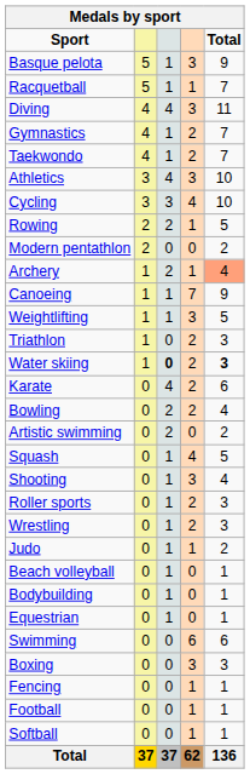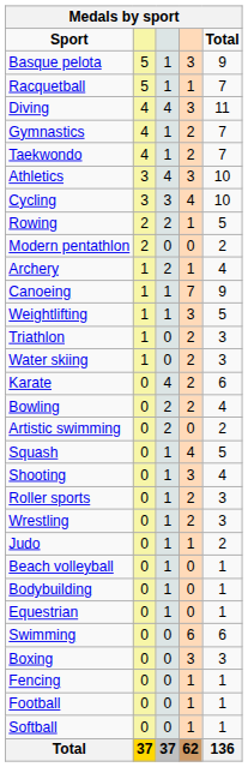 <table class="wikitable" style="font-size:85%; float:right;">
 <tr style="background:#efefef;">
 <th colspan=7><strong>Medals by sport</strong></th>
 </tr>
 <tr align=center>
 <td><strong>Sport</strong></td>
 <td style="background:#f7f6a8;"></td>
 <td style="background:#dce5e5;"></td>
 <td style="background:#ffdab9;"></td>
 <td><strong>Total</strong></td>
 </tr>
 <tr align=center>
 <td align=left><a href='#'>Basque pelota</a></td>
 <td style="background:#f7f6a8;">5</td>
 <td style="background:#dce5e5;">1</td>
 <td style="background:#ffdab9;">3</td>
 <td>9</td>
 </tr>
 <tr align=center>
 <td align=left><a href='#'>Racquetball</a></td>
 <td style="background:#f7f6a8;">5</td>
 <td style="background:#dce5e5;">1</td>
 <td style="background:#ffdab9;">1</td>
 <td>7</td>
 </tr>
 <tr align=center>
 <td align=left><a href='#'>Diving</a></td>
 <td style="background:#f7f6a8;">4</td>
 <td style="background:#dce5e5;">4</td>
 <td style="background:#ffdab9;">3</td>
 <td>11</td>
 </tr>
 <tr align=center>
 <td align=left><a href='#'>Gymnastics</a></td>
 <td style="background:#f7f6a8;">4</td>
 <td style="background:#dce5e5;">1</td>
 <td style="background:#ffdab9;">2</td>
 <td>7</td>
 </tr>
 <tr align=center>
 <td align=left><a href='#'>Taekwondo</a></td>
 <td style="background:#f7f6a8;">4</td>
 <td style="background:#dce5e5;">1</td>
 <td style="background:#ffdab9;">2</td>
 <td>7</td>
 </tr>
 <tr align=center>
 <td align=left><a href='#'>Athletics</a></td>
 <td style="background:#f7f6a8;">3</td>
 <td style="background:#dce5e5;">4</td>
 <td style="background:#ffdab9;">3</td>
 <td>10</td>
 </tr>
 <tr align=center>
 <td align=left><a href='#'>Cycling</a></td>
 <td style="background:#f7f6a8;">3</td>
 <td style="background:#dce5e5;">3</td>
 <td style="background:#ffdab9;">4</td>
 <td>10</td>
 </tr>
 <tr align=center>
 <td align=left><a href='#'>Rowing</a></td>
 <td style="background:#f7f6a8;">2</td>
 <td style="background:#dce5e5;">2</td>
 <td style="background:#ffdab9;">1</td>
 <td>5</td>
 </tr>
 <tr align=center>
 <td align=left><a href='#'>Modern pentathlon</a></td>
 <td style="background:#f7f6a8;">2</td>
 <td style="background:#dce5e5;">0</td>
 <td style="background:#ffdab9;">0</td>
 <td>2</td>
 </tr>
 <tr align=center>
 <td align=left><a href='#'>Archery</a></td>
 <td style="background:#f7f6a8;">1</td>
 <td style="background:#dce5e5;">2</td>
 <td style="background:#ffdab9;">1</td>
-<td style="background: lightsalmon;">4</td>
+<td>4</td>
 </tr>
 <tr align=center>
 <td align=left><a href='#'>Canoeing</a></td>
 <td style="background:#f7f6a8;">1</td>
 <td style="background:#dce5e5;">1</td>
 <td style="background:#ffdab9;">7</td>
 <td>9</td>
 </tr>
 <tr align=center>
 <td align=left><a href='#'>Weightlifting</a></td>
 <td style="background:#f7f6a8;">1</td>
 <td style="background:#dce5e5;">1</td>
 <td style="background:#ffdab9;">3</td>
 <td>5</td>
 </tr>
 <tr align=center>
 <td align=left><a href='#'>Triathlon</a></td>
 <td style="background:#f7f6a8;">1</td>
 <td style="background:#dce5e5;">0</td>
 <td style="background:#ffdab9;">2</td>
 <td>3</td>
 </tr>
 <tr align=center>
 <td align=left><a href='#'>Water skiing</a></td>
 <td style="background:#f7f6a8;">1</td>
-<td style="background:#dce5e5;"><strong>0</strong></td>
+<td style="background:#dce5e5;">0</td>
 <td style="background:#ffdab9;">2</td>
-<td><strong>3</strong></td>
+<td>3</td>
 </tr>
 <tr align=center>
 <td align=left><a href='#'>Karate</a></td>
 <td style="background:#f7f6a8;">0</td>
 <td style="background:#dce5e5;">4</td>
 <td style="background:#ffdab9;">2</td>
 <td>6</td>
 </tr>
 <tr align=center>
 <td align=left><a href='#'>Bowling</a></td>
 <td style="background:#f7f6a8;">0</td>
 <td style="background:#dce5e5;">2</td>
 <td style="background:#ffdab9;">2</td>
 <td>4</td>
 </tr>
 <tr align=center>
 <td align=left><a href='#'>Artistic swimming</a></td>
 <td style="background:#f7f6a8;">0</td>
 <td style="background:#dce5e5;">2</td>
 <td style="background:#ffdab9;">0</td>
 <td>2</td>
 </tr>
 <tr align=center>
 <td align=left><a href='#'>Squash</a></td>
 <td style="background:#f7f6a8;">0</td>
 <td style="background:#dce5e5;">1</td>
 <td style="background:#ffdab9;">4</td>
 <td>5</td>
 </tr>
 <tr align=center>
 <td align=left><a href='#'>Shooting</a></td>
 <td style="background:#f7f6a8;">0</td>
 <td style="background:#dce5e5;">1</td>
 <td style="background:#ffdab9;">3</td>
 <td>4</td>
 </tr>
 <tr align=center>
 <td align=left><a href='#'>Roller sports</a></td>
 <td style="background:#f7f6a8;">0</td>
 <td style="background:#dce5e5;">1</td>
 <td style="background:#ffdab9;">2</td>
 <td>3</td>
 </tr>
 <tr align=center>
 <td align=left><a href='#'>Wrestling</a></td>
 <td style="background:#f7f6a8;">0</td>
 <td style="background:#dce5e5;">1</td>
 <td style="background:#ffdab9;">2</td>
 <td>3</td>
 </tr>
 <tr align=center>
 <td align=left><a href='#'>Judo</a></td>
 <td style="background:#f7f6a8;">0</td>
 <td style="background:#dce5e5;">1</td>
 <td style="background:#ffdab9;">1</td>
 <td>2</td>
 </tr>
 <tr align=center>
 <td align=left><a href='#'>Beach volleyball</a></td>
 <td style="background:#f7f6a8;">0</td>
 <td style="background:#dce5e5;">1</td>
 <td style="background:#ffdab9;">0</td>
 <td>1</td>
 </tr>
 <tr align=center>
 <td align=left><a href='#'>Bodybuilding</a></td>
 <td style="background:#f7f6a8;">0</td>
 <td style="background:#dce5e5;">1</td>
 <td style="background:#ffdab9;">0</td>
 <td>1</td>
 </tr>
 <tr align=center>
 <td align=left><a href='#'>Equestrian</a></td>
 <td style="background:#f7f6a8;">0</td>
 <td style="background:#dce5e5;">1</td>
 <td style="background:#ffdab9;">0</td>
 <td>1</td>
 </tr>
 <tr align=center>
 <td align=left><a href='#'>Swimming</a></td>
 <td style="background:#f7f6a8;">0</td>
 <td style="background:#dce5e5;">0</td>
 <td style="background:#ffdab9;">6</td>
 <td>6</td>
 </tr>
 <tr align=center>
 <td align=left><a href='#'>Boxing</a></td>
 <td style="background:#f7f6a8;">0</td>
 <td style="background:#dce5e5;">0</td>
 <td style="background:#ffdab9;">3</td>
 <td>3</td>
 </tr>
 <tr align=center>
 <td align=left><a href='#'>Fencing</a></td>
 <td style="background:#f7f6a8;">0</td>
 <td style="background:#dce5e5;">0</td>
 <td style="background:#ffdab9;">1</td>
 <td>1</td>
 </tr>
 <tr align=center>
 <td align=left><a href='#'>Football</a></td>
 <td style="background:#f7f6a8;">0</td>
 <td style="background:#dce5e5;">0</td>
 <td style="background:#ffdab9;">1</td>
 <td>1</td>
 </tr>
 <tr align=center>
 <td align=left><a href='#'>Softball</a></td>
 <td style="background:#f7f6a8;">0</td>
 <td style="background:#dce5e5;">0</td>
 <td style="background:#ffdab9;">1</td>
 <td>1</td>
 </tr>
 <tr align=center>
 <th><strong>Total</strong></th>
 <th style="background:gold;"><strong>37</strong></th>
 <th style="background:silver;"><strong>37</strong></th>
 <th style="background:#c96;"><strong>62</strong></th>
 <th><strong>136</strong></th>
 </tr>
 </table>
